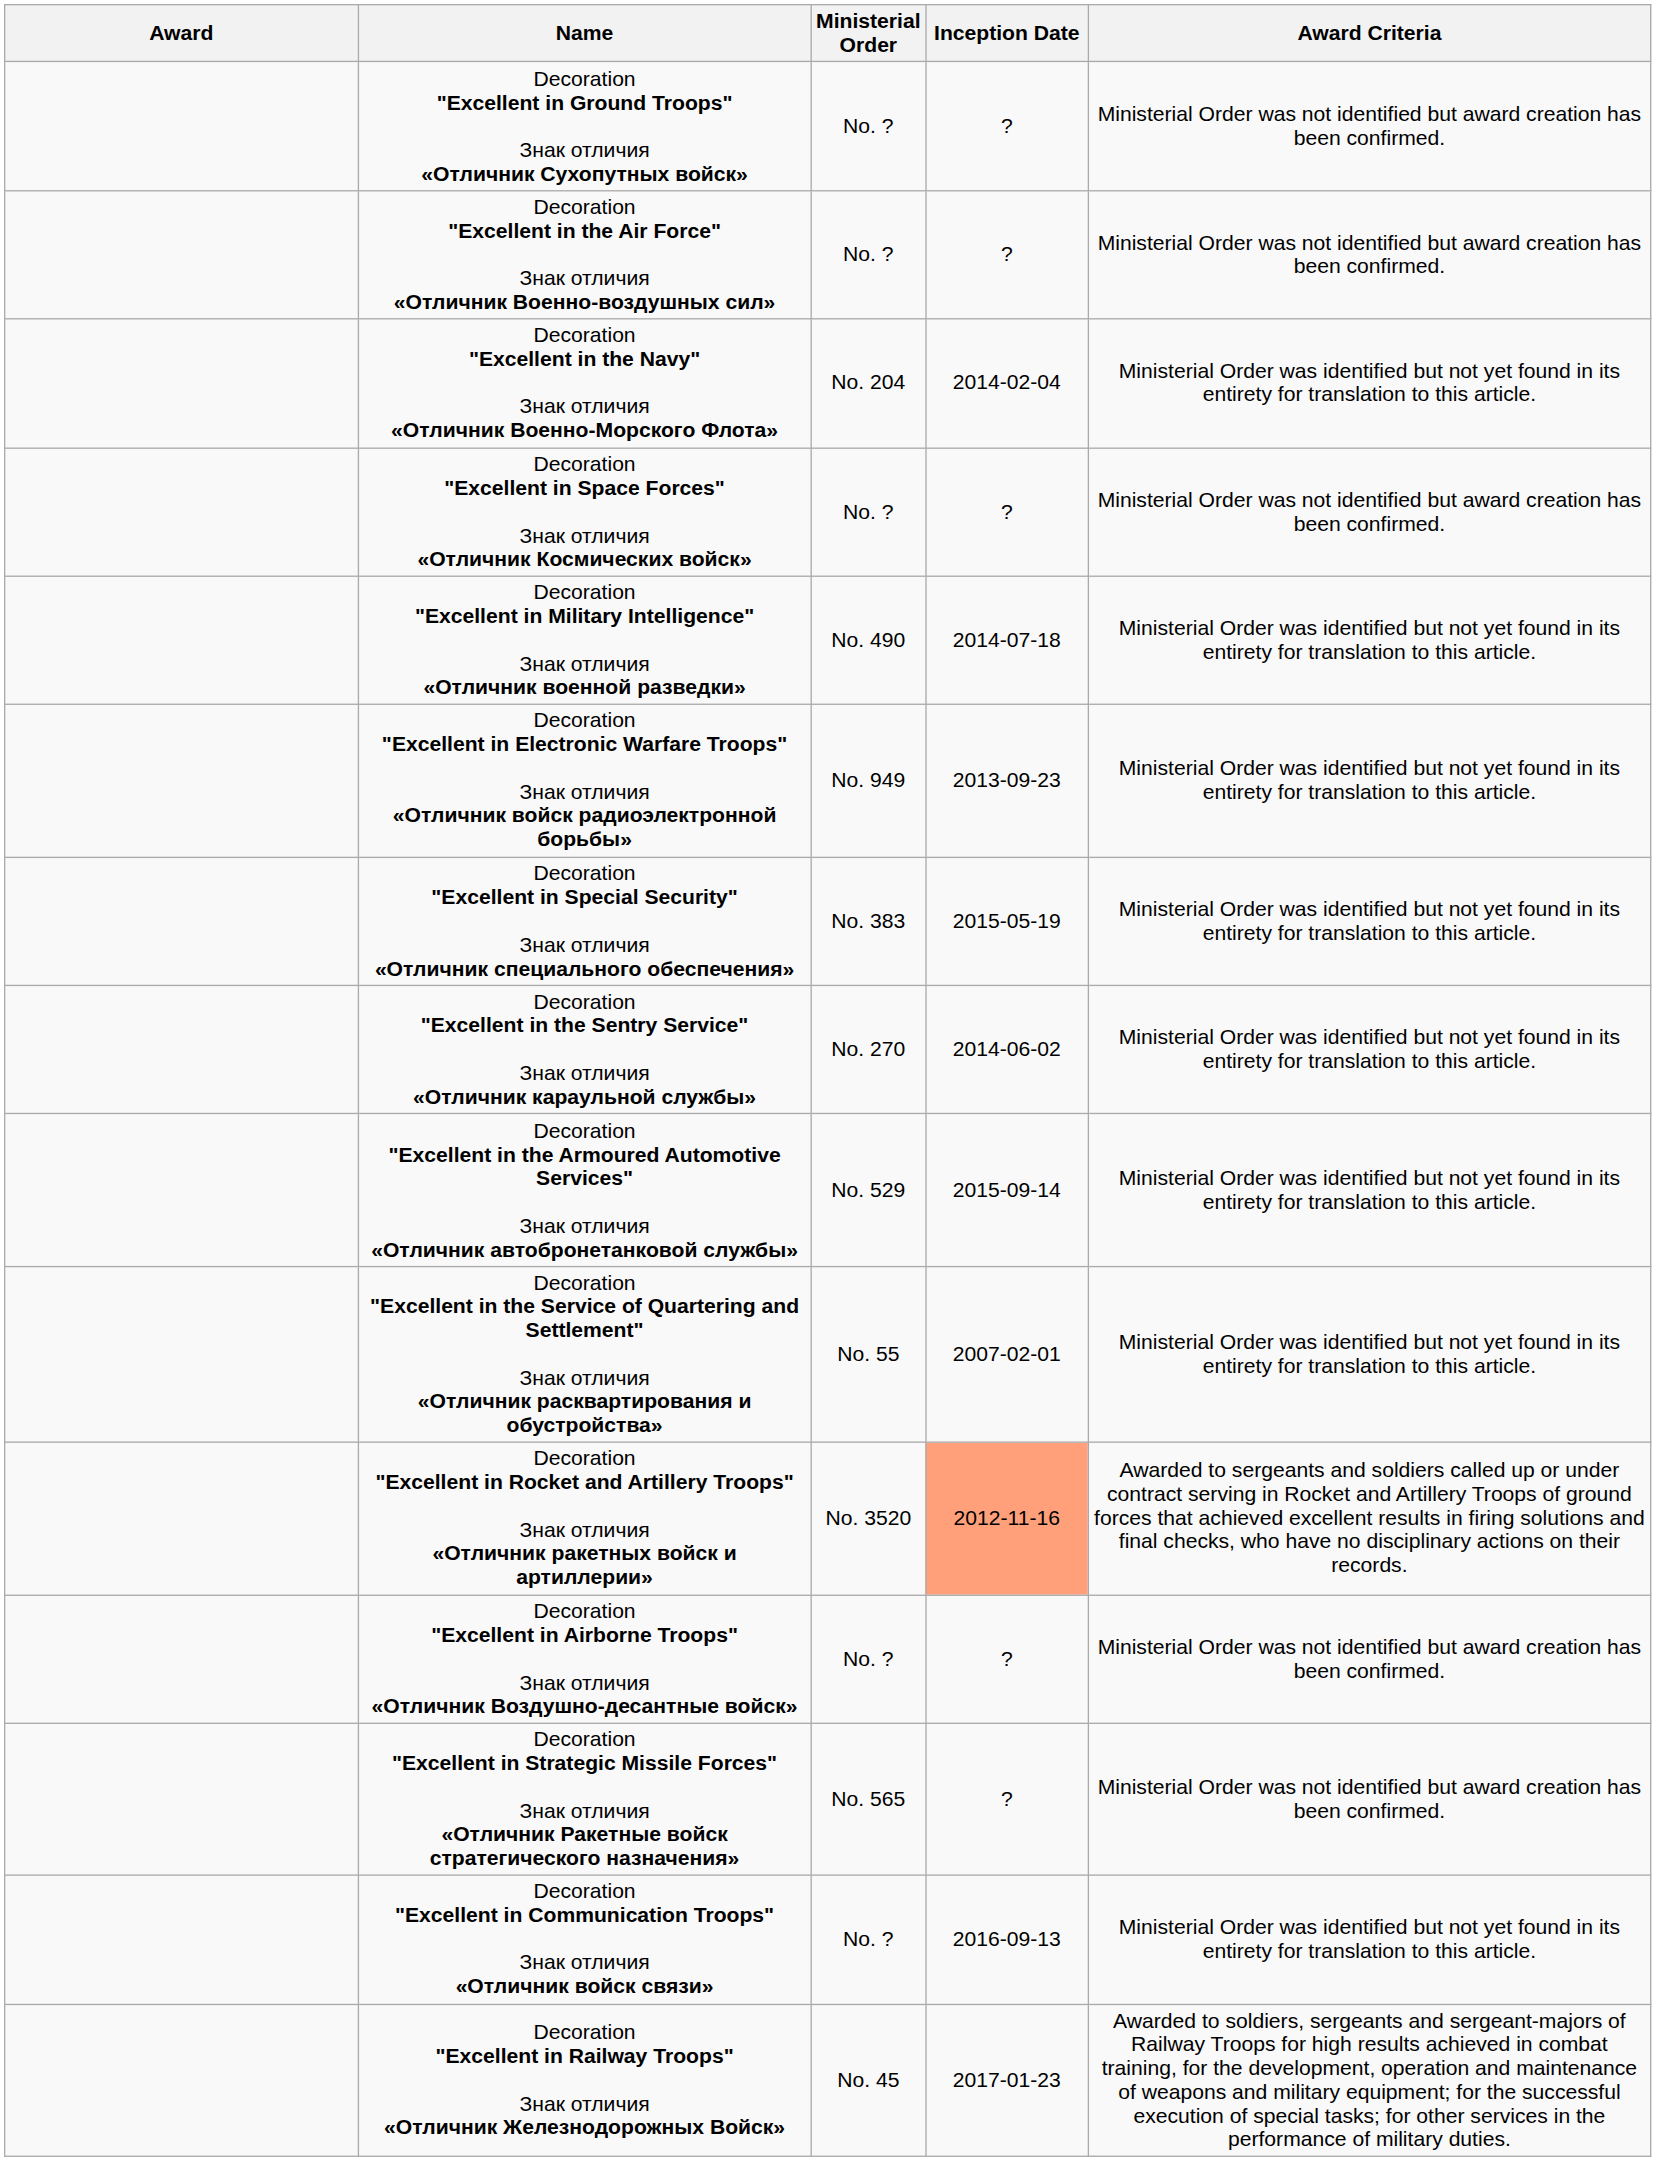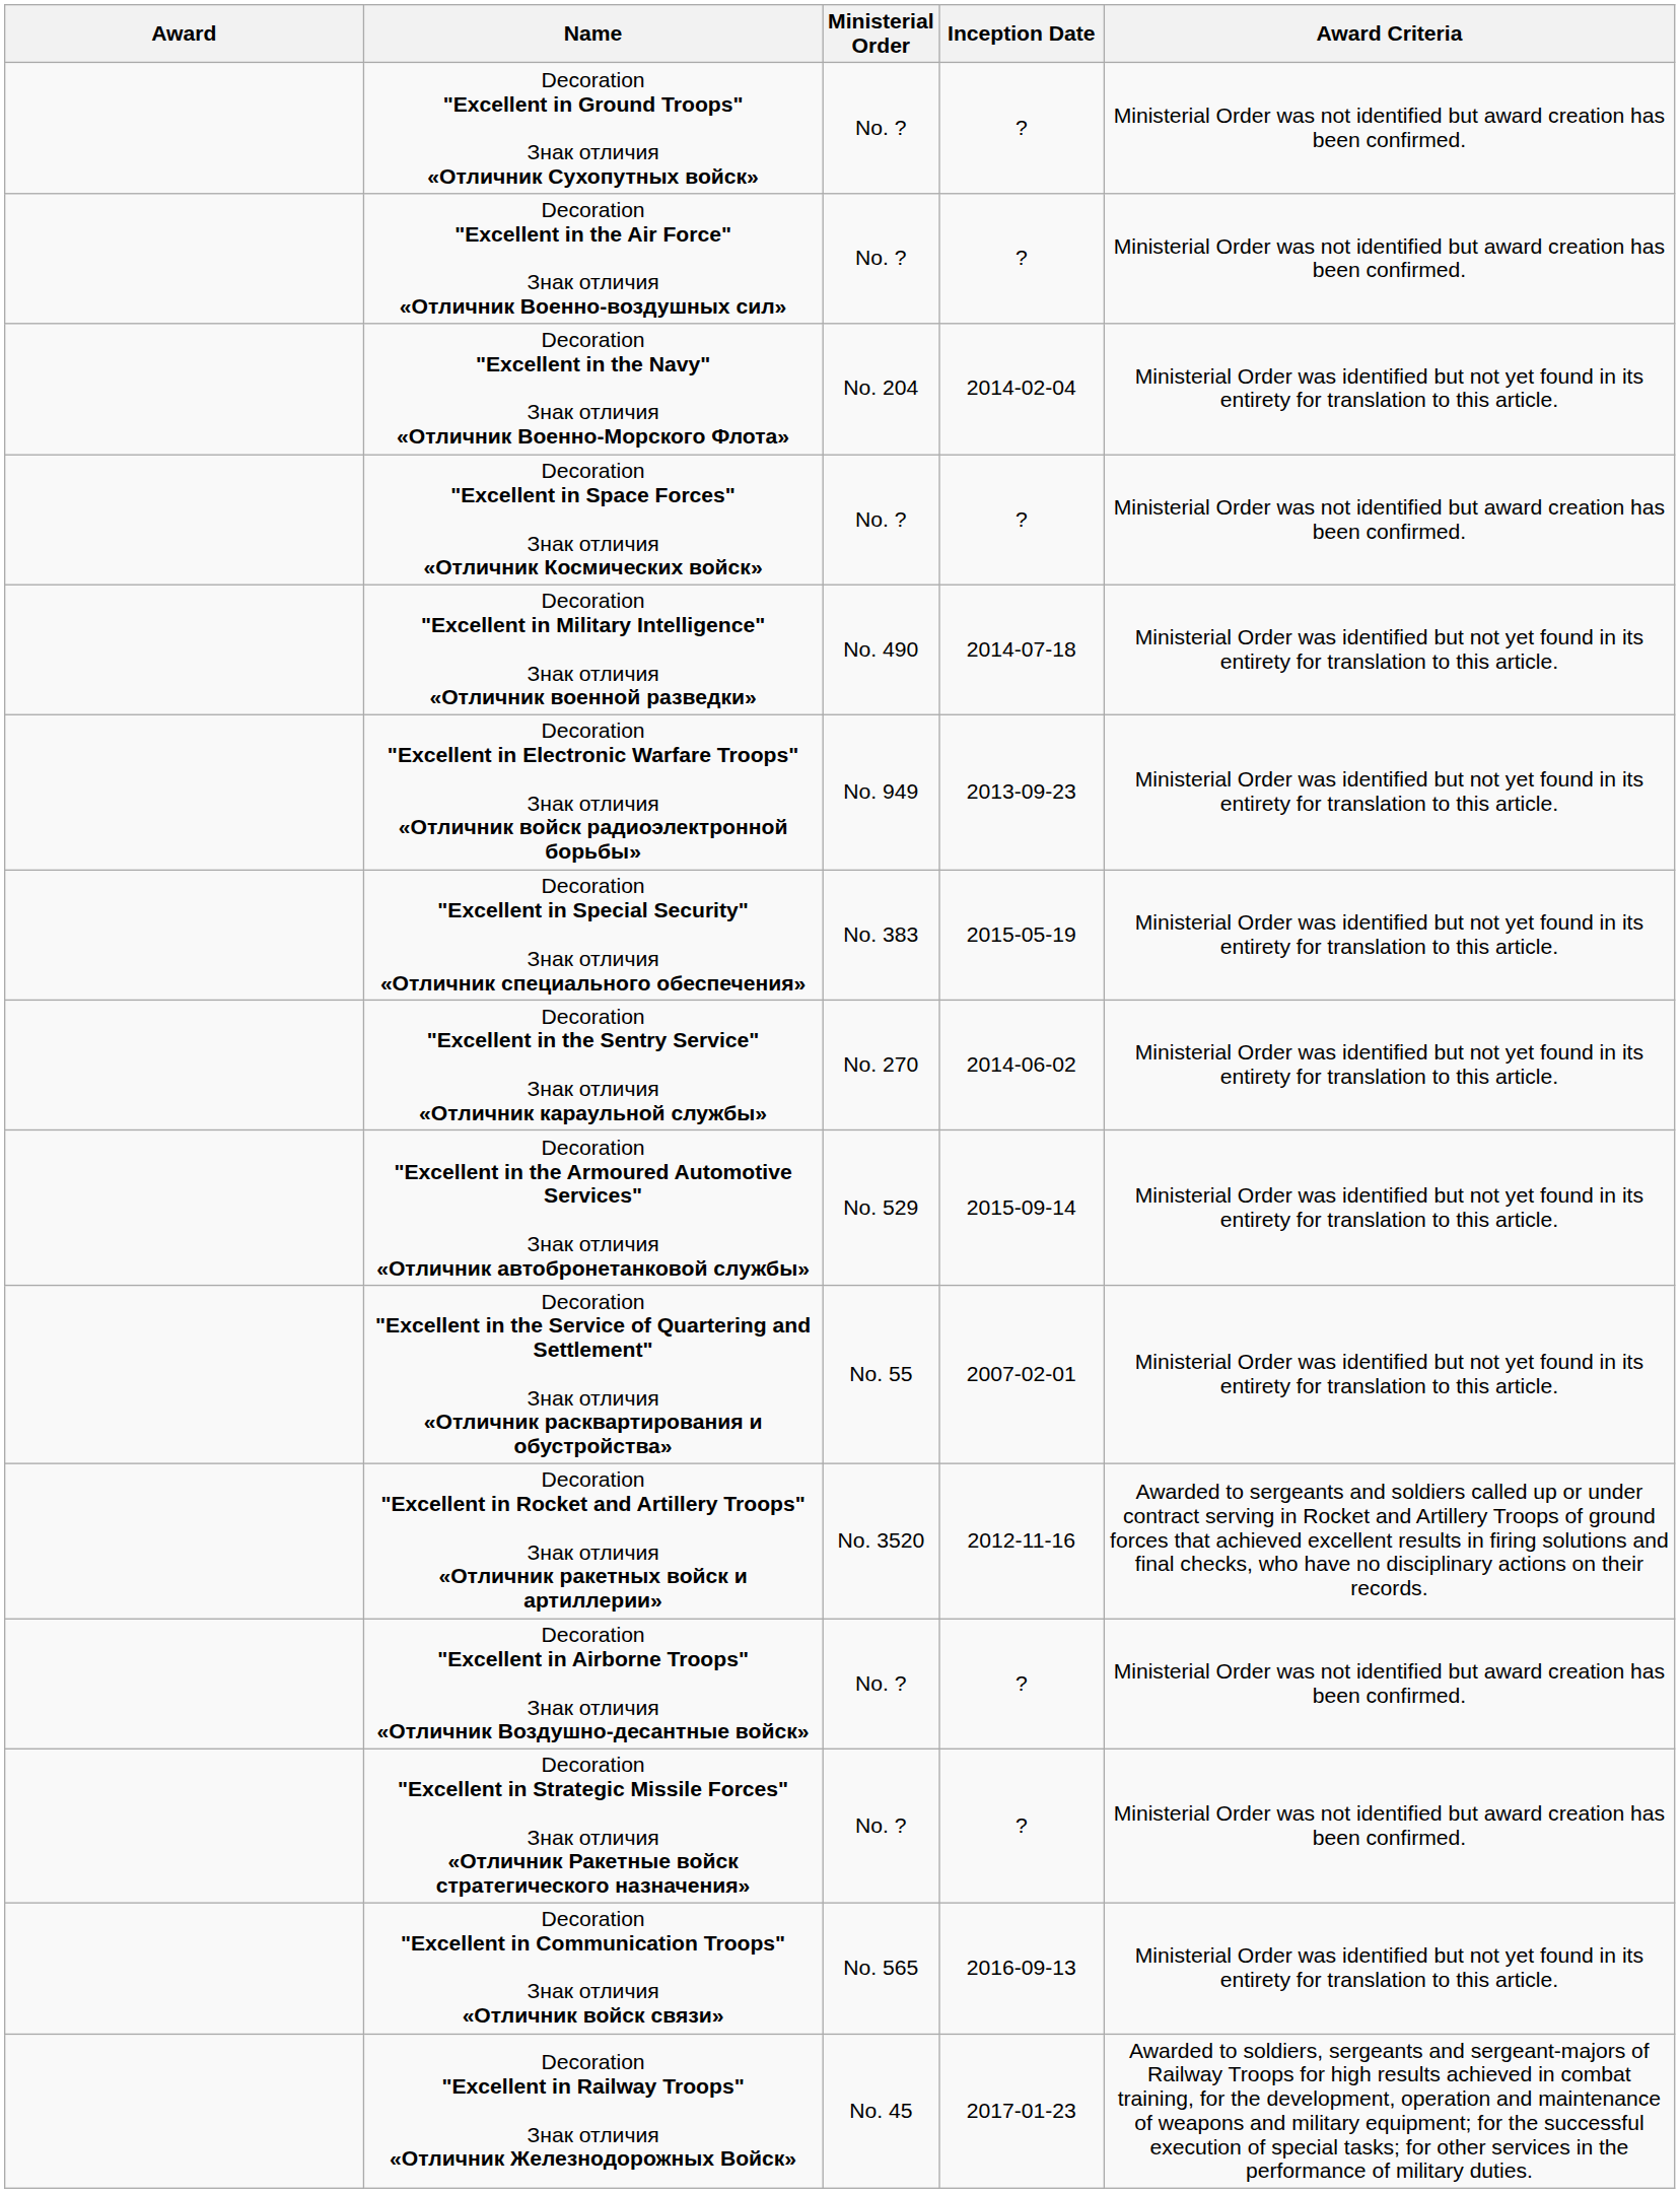 <table class="wikitable sortable" style="text-align:center">
 <tr>
 <th style="width:22%">Award</th>
 <th style="width:28%">Name </th>
 <th>Ministerial Order</th>
 <th style="width:10%">Inception Date</th>
 <th style="width:35%">Award Criteria</th>
 </tr>
 <tr>
 <td></td>
 <td>Decoration<br><strong>"Excellent in Ground Troops"</strong><br><br>Знак отличия<br><strong>«Отличник Сухопутных войск»</strong></td>
 <td>No. ?</td>
 <td>?</td>
 <td>Ministerial Order was not identified but award creation has been confirmed.</td>
 </tr>
 <tr>
 <td></td>
 <td>Decoration<br><strong>"Excellent in the Air Force"</strong><br><br>Знак отличия<br><strong>«Отличник Военно-воздушных сил»</strong></td>
 <td>No. ?</td>
 <td>?</td>
 <td>Ministerial Order was not identified but award creation has been confirmed.</td>
 </tr>
 <tr>
 <td></td>
 <td>Decoration<br><strong>"Excellent in the Navy"</strong><br><br>Знак отличия<br><strong>«Отличник Военно-Морского Флота»</strong></td>
 <td>No. 204</td>
 <td>2014-02-04</td>
 <td>Ministerial Order was identified but not yet found in its entirety for translation to this article.</td>
 </tr>
 <tr>
 <td></td>
 <td>Decoration<br><strong>"Excellent in Space Forces"</strong><br><br>Знак отличия<br><strong>«Отличник Космических войск»</strong></td>
 <td>No. ?</td>
 <td>?</td>
 <td>Ministerial Order was not identified but award creation has been confirmed.</td>
 </tr>
 <tr>
 <td></td>
 <td>Decoration<br><strong>"Excellent in Military Intelligence"</strong><br><br>Знак отличия<br><strong>«Отличник  военной разведки»</strong></td>
 <td>No. 490</td>
 <td>2014-07-18</td>
 <td>Ministerial Order was identified but not yet found in its entirety for translation to this article.</td>
 </tr>
 <tr>
 <td></td>
 <td>Decoration<br><strong>"Excellent in Electronic Warfare Troops"</strong><br><br>Знак отличия<br><strong>«Отличник войск радиоэлектронной борьбы»</strong></td>
 <td>No. 949</td>
 <td>2013-09-23</td>
 <td>Ministerial Order was identified but not yet found in its entirety for translation to this article.</td>
 </tr>
 <tr>
 <td></td>
 <td>Decoration<br><strong>"Excellent in Special Security"</strong><br><br>Знак отличия<br><strong>«Отличник специального обеспечения»</strong></td>
 <td>No. 383</td>
 <td>2015-05-19</td>
 <td>Ministerial Order was identified but not yet found in its entirety for translation to this article.</td>
 </tr>
 <tr>
 <td></td>
 <td>Decoration<br><strong>"Excellent in the Sentry Service"</strong><br><br>Знак отличия<br><strong>«Отличник караульной службы»</strong></td>
 <td>No. 270</td>
 <td>2014-06-02</td>
 <td>Ministerial Order was identified but not yet found in its entirety for translation to this article.</td>
 </tr>
 <tr>
 <td></td>
 <td>Decoration<br><strong>"Excellent in the Armoured Automotive Services"</strong><br><br>Знак отличия<br><strong>«Отличник автобронетанковой службы»</strong></td>
 <td>No. 529</td>
 <td>2015-09-14</td>
 <td>Ministerial Order was identified but not yet found in its entirety for translation to this article.</td>
 </tr>
 <tr>
 <td></td>
 <td>Decoration<br><strong>"Excellent in the Service of Quartering and Settlement"</strong><br><br>Знак отличия<br><strong>«Отличник расквартирования и обустройства»</strong></td>
 <td>No. 55</td>
 <td>2007-02-01</td>
 <td>Ministerial Order was identified but not yet found in its entirety for translation to this article.</td>
 </tr>
 <tr>
 <td></td>
 <td>Decoration<br><strong>"Excellent in Rocket and Artillery Troops"</strong><br><br>Знак отличия<br><strong>«Отличник ракетных войск и артиллерии»</strong></td>
 <td>No. 3520</td>
-<td style="background: lightsalmon;">2012-11-16</td>
+<td>2012-11-16</td>
 <td>Awarded to sergeants and soldiers called up or under contract serving in Rocket and Artillery Troops of ground forces that achieved excellent results in firing solutions and final checks, who have no disciplinary actions on their records.</td>
 </tr>
 <tr>
 <td></td>
 <td>Decoration<br><strong>"Excellent in Airborne Troops"</strong><br><br>Знак отличия<br><strong>«Отличник Воздушно-десантные войск»</strong></td>
 <td>No. ?</td>
 <td>?</td>
 <td>Ministerial Order was not identified but award creation has been confirmed.</td>
 </tr>
 <tr>
 <td></td>
 <td>Decoration<br><strong>"Excellent in Strategic Missile Forces"</strong><br><br>Знак отличия<br><strong>«Отличник Ракетные войск стратегического назначения»</strong></td>
-<td>No. 565</td>
+<td>No. ?</td>
 <td>?</td>
 <td>Ministerial Order was not identified but award creation has been confirmed.</td>
 </tr>
 <tr>
 <td></td>
 <td>Decoration<br><strong>"Excellent in Communication Troops"</strong><br><br>Знак отличия<br><strong>«Отличник войск связи»</strong></td>
-<td>No. ?</td>
+<td>No. 565</td>
 <td>2016-09-13</td>
 <td>Ministerial Order was identified but not yet found in its entirety for translation to this article.</td>
 </tr>
 <tr>
 <td></td>
 <td>Decoration<br><strong>"Excellent in Railway Troops"</strong><br><br>Знак отличия<br><strong>«Отличник Железнодорожных Войск»</strong></td>
 <td>No. 45</td>
 <td>2017-01-23</td>
 <td>Awarded to soldiers, sergeants and sergeant-majors of Railway Troops for high results achieved in combat training, for the development, operation and maintenance of weapons and military equipment; for the successful execution of special tasks; for other services in the performance of military duties.</td>
 </tr>
 </table>
